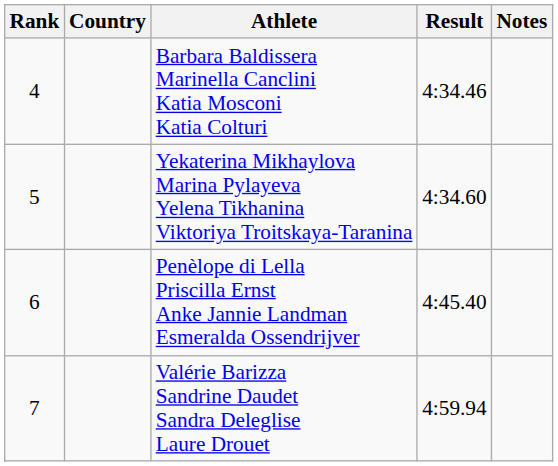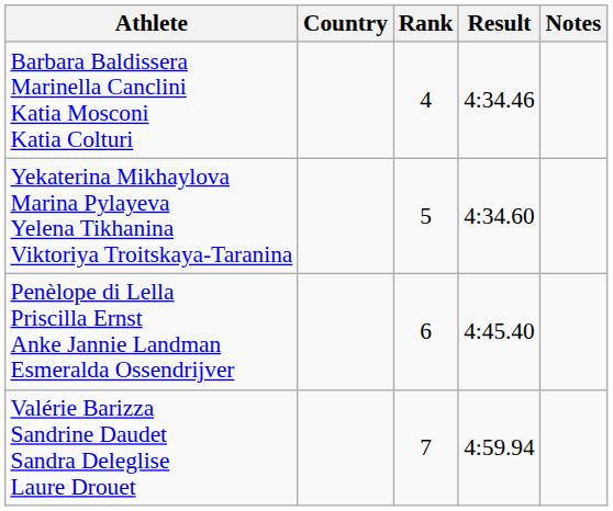 <table class="wikitable" style="text-align:center">
 <tr>
+<th>Athlete</th>
+<th>Country</th>
 <th>Rank</th>
-<th>Country</th>
-<th>Athlete</th>
 <th>Result</th>
 <th>Notes</th>
 </tr>
 <tr>
+<td align=left><a href='#'>Barbara Baldissera</a> <br> <a href='#'>Marinella Canclini</a> <br> <a href='#'>Katia Mosconi</a> <br> <a href='#'>Katia Colturi</a></td>
+<td align=left></td>
 <td>4</td>
-<td align=left></td>
-<td align=left><a href='#'>Barbara Baldissera</a> <br> <a href='#'>Marinella Canclini</a> <br> <a href='#'>Katia Mosconi</a> <br> <a href='#'>Katia Colturi</a></td>
 <td>4:34.46</td>
 <td></td>
 </tr>
 <tr>
+<td align=left><a href='#'>Yekaterina Mikhaylova</a> <br> <a href='#'>Marina Pylayeva</a> <br> <a href='#'>Yelena Tikhanina</a> <br> <a href='#'>Viktoriya Troitskaya-Taranina</a></td>
+<td align=left></td>
 <td>5</td>
-<td align=left></td>
-<td align=left><a href='#'>Yekaterina Mikhaylova</a> <br> <a href='#'>Marina Pylayeva</a> <br> <a href='#'>Yelena Tikhanina</a> <br> <a href='#'>Viktoriya Troitskaya-Taranina</a></td>
 <td>4:34.60</td>
 <td></td>
 </tr>
 <tr>
+<td align=left><a href='#'>Penèlope di Lella</a> <br> <a href='#'>Priscilla Ernst</a> <br> <a href='#'>Anke Jannie Landman</a> <br> <a href='#'>Esmeralda Ossendrijver</a></td>
+<td align=left></td>
 <td>6</td>
-<td align=left></td>
-<td align=left><a href='#'>Penèlope di Lella</a> <br> <a href='#'>Priscilla Ernst</a> <br> <a href='#'>Anke Jannie Landman</a> <br> <a href='#'>Esmeralda Ossendrijver</a></td>
 <td>4:45.40</td>
 <td></td>
 </tr>
 <tr>
+<td align=left><a href='#'>Valérie Barizza</a> <br> <a href='#'>Sandrine Daudet</a> <br> <a href='#'>Sandra Deleglise</a> <br> <a href='#'>Laure Drouet</a></td>
+<td align=left></td>
 <td>7</td>
-<td align=left></td>
-<td align=left><a href='#'>Valérie Barizza</a> <br> <a href='#'>Sandrine Daudet</a> <br> <a href='#'>Sandra Deleglise</a> <br> <a href='#'>Laure Drouet</a></td>
 <td>4:59.94</td>
 <td></td>
 </tr>
 </table>
